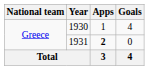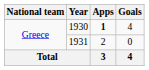 <table class=wikitable style=text-align:center>
 <tr>
 <th>National team</th>
 <th>Year</th>
 <th>Apps</th>
 <th>Goals</th>
 </tr>
 <tr>
 <td rowspan="2"><a href='#'>Greece</a></td>
 <td>1930</td>
-<td>1</td>
+<td><strong>1</strong></td>
 <td>4</td>
 </tr>
 <tr>
 <td>1931</td>
-<td><strong>2</strong></td>
+<td>2</td>
 <td>0</td>
 </tr>
 <tr>
 <th colspan="2">Total</th>
 <th>3</th>
 <th>4</th>
 </tr>
 </table>
